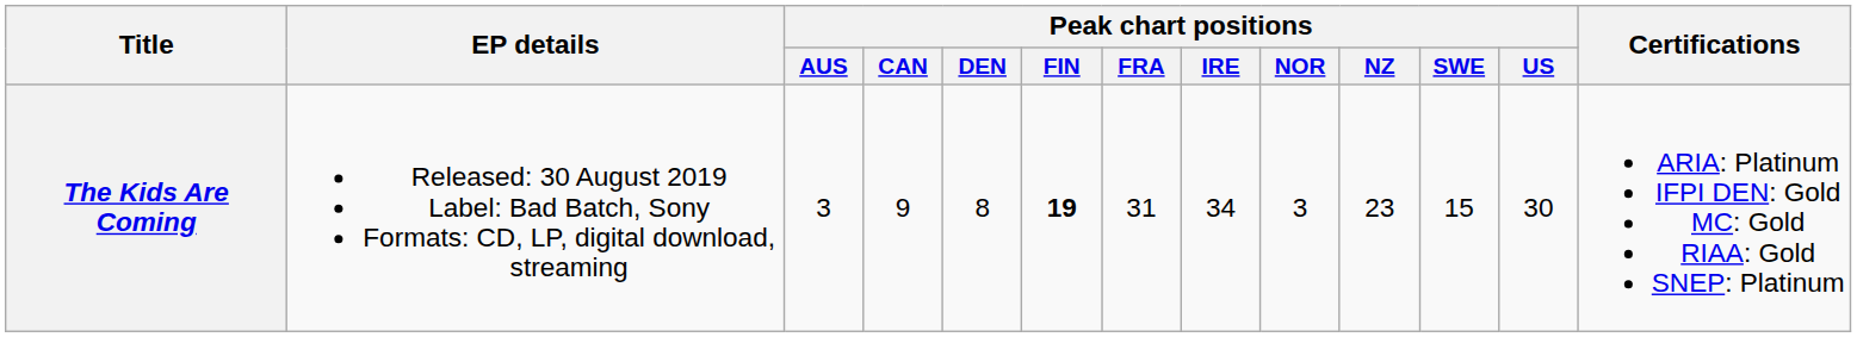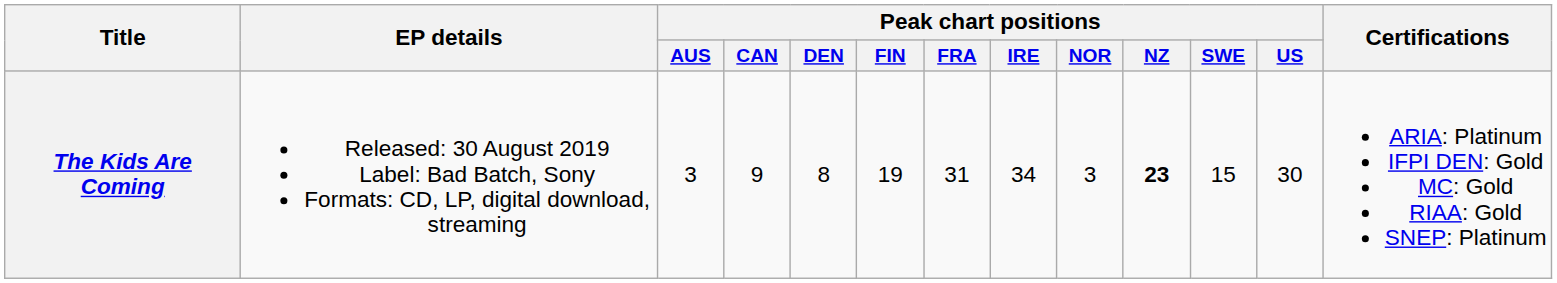 <table class="wikitable plainrowheaders" style="text-align:center;">
 <tr>
 <th scope="col" rowspan="2" style="width:10em;">Title</th>
 <th scope="col" rowspan="2" style="width:18em;">EP details</th>
 <th scope="col" colspan="10">Peak chart positions</th>
 <th scope="col" rowspan="2">Certifications</th>
 </tr>
 <tr>
 <th scope="col" style="width:3em;font-size:85%;"><a href='#'>AUS</a><br></th>
 <th scope="col" style="width:3em;font-size:85%;"><a href='#'>CAN</a><br></th>
 <th scope="col" style="width:3em;font-size:85%;"><a href='#'>DEN</a><br></th>
 <th scope="col" style="width:3em;font-size:85%;"><a href='#'>FIN</a><br></th>
 <th scope="col" style="width:3em;font-size:85%;"><a href='#'>FRA</a><br></th>
 <th scope="col" style="width:3em;font-size:85%;"><a href='#'>IRE</a><br></th>
 <th scope="col" style="width:3em;font-size:85%;"><a href='#'>NOR</a><br></th>
 <th scope="col" style="width:3em;font-size:85%;"><a href='#'>NZ</a><br></th>
 <th scope="col" style="width:3em;font-size:85%;"><a href='#'>SWE</a><br></th>
 <th scope="col" style="width:3em;font-size:85%;"><a href='#'>US</a><br></th>
 </tr>
 <tr>
 <th scope="row"><em><a href='#'>The Kids Are Coming</a></em></th>
 <td><br><ul><li>Released: 30 August 2019</li><li>Label: Bad Batch, Sony</li><li>Formats: CD, LP, digital download, streaming</li></ul></td>
 <td>3</td>
 <td>9</td>
 <td>8</td>
-<td><strong>19</strong></td>
+<td>19</td>
 <td>31</td>
 <td>34</td>
 <td>3</td>
-<td>23</td>
+<td><strong>23</strong></td>
 <td>15</td>
 <td>30</td>
 <td><br><ul><li><a href='#'>ARIA</a>: Platinum</li><li><a href='#'>IFPI DEN</a>: Gold</li><li><a href='#'>MC</a>: Gold</li><li><a href='#'>RIAA</a>: Gold</li><li><a href='#'>SNEP</a>: Platinum</li></ul></td>
 </tr>
 </table>
